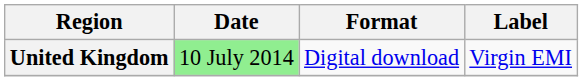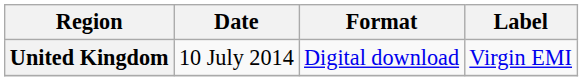 <table class="wikitable plainrowheaders">
 <tr>
 <th scope="col">Region</th>
 <th scope="col">Date</th>
 <th scope="col">Format</th>
 <th scope="col">Label</th>
 </tr>
 <tr>
 <th scope="row">United Kingdom</th>
-<td style="background: lightgreen;">10 July 2014</td>
+<td>10 July 2014</td>
 <td><a href='#'>Digital download</a></td>
 <td><a href='#'>Virgin EMI</a></td>
 </tr>
 <tr>
 </tr>
 </table>
